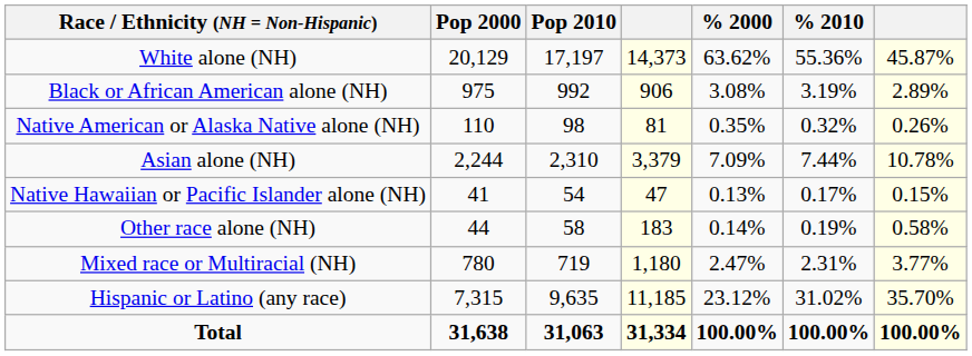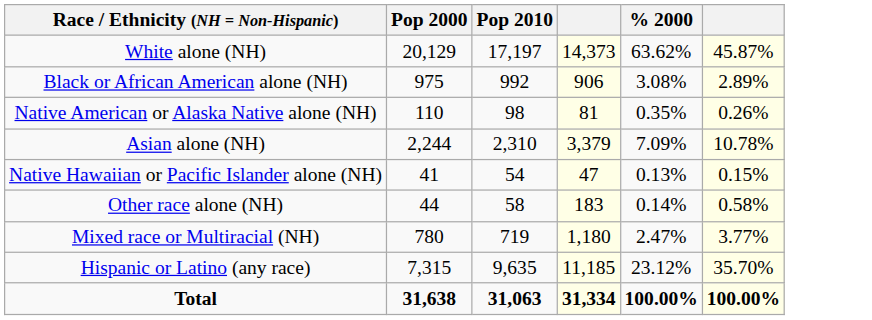 <table class="wikitable" style="text-align:center;">
 <tr>
 <th>Race / Ethnicity <small>(<em>NH = Non-Hispanic</em>)</small></th>
 <th>Pop 2000</th>
 <th>Pop 2010</th>
 <th></th>
 <th>% 2000</th>
-<th>% 2010</th>
 <th></th>
 </tr>
 <tr>
 <td><a href='#'>White</a> alone (NH)</td>
 <td>20,129</td>
 <td>17,197</td>
 <td style='background: #ffffe6;'>14,373</td>
 <td>63.62%</td>
-<td>55.36%</td>
 <td style='background: #ffffe6;'>45.87%</td>
 </tr>
 <tr>
 <td><a href='#'>Black or African American</a> alone (NH)</td>
 <td>975</td>
 <td>992</td>
 <td style='background: #ffffe6;'>906</td>
 <td>3.08%</td>
-<td>3.19%</td>
 <td style='background: #ffffe6;'>2.89%</td>
 </tr>
 <tr>
 <td><a href='#'>Native American</a> or <a href='#'>Alaska Native</a> alone (NH)</td>
 <td>110</td>
 <td>98</td>
 <td style='background: #ffffe6;'>81</td>
 <td>0.35%</td>
-<td>0.32%</td>
 <td style='background: #ffffe6;'>0.26%</td>
 </tr>
 <tr>
 <td><a href='#'>Asian</a> alone (NH)</td>
 <td>2,244</td>
 <td>2,310</td>
 <td style='background: #ffffe6;'>3,379</td>
 <td>7.09%</td>
-<td>7.44%</td>
 <td style='background: #ffffe6;'>10.78%</td>
 </tr>
 <tr>
 <td><a href='#'>Native Hawaiian</a> or <a href='#'>Pacific Islander</a> alone (NH)</td>
 <td>41</td>
 <td>54</td>
 <td style='background: #ffffe6;'>47</td>
 <td>0.13%</td>
-<td>0.17%</td>
 <td style='background: #ffffe6;'>0.15%</td>
 </tr>
 <tr>
 <td><a href='#'>Other race</a> alone (NH)</td>
 <td>44</td>
 <td>58</td>
 <td style='background: #ffffe6;'>183</td>
 <td>0.14%</td>
-<td>0.19%</td>
 <td style='background: #ffffe6;'>0.58%</td>
 </tr>
 <tr>
 <td><a href='#'>Mixed race or Multiracial</a> (NH)</td>
 <td>780</td>
 <td>719</td>
 <td style='background: #ffffe6;'>1,180</td>
 <td>2.47%</td>
-<td>2.31%</td>
 <td style='background: #ffffe6;'>3.77%</td>
 </tr>
 <tr>
 <td><a href='#'>Hispanic or Latino</a> (any race)</td>
 <td>7,315</td>
 <td>9,635</td>
 <td style='background: #ffffe6;'>11,185</td>
 <td>23.12%</td>
-<td>31.02%</td>
 <td style='background: #ffffe6;'>35.70%</td>
 </tr>
 <tr>
 <td><strong>Total</strong></td>
 <td><strong>31,638</strong></td>
 <td><strong>31,063</strong></td>
 <td style='background: #ffffe6;'><strong>31,334</strong></td>
 <td><strong>100.00%</strong></td>
-<td><strong>100.00%</strong></td>
 <td style='background: #ffffe6;'><strong>100.00%</strong></td>
 </tr>
 </table>
